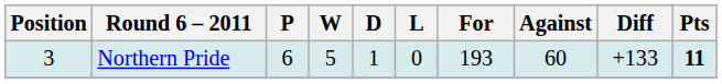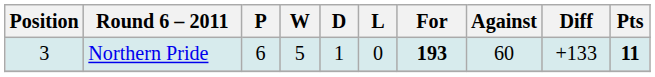 <table class="wikitable" style="text-align:center; font-size:85%;">
 <tr>
 <th width=40 abbr="Position">Position</th>
 <th width=100>Round 6 – 2011</th>
 <th width=20 abbr="Played">P</th>
 <th width=20 abbr="Won">W</th>
 <th width=20 abbr="Drawn">D</th>
 <th width=20 abbr="Lost">L</th>
 <th width=40 abbr="Points for">For</th>
 <th width=40 abbr="Points against">Against</th>
 <th width=40 abbr="Points difference">Diff</th>
 <th width=20 abbr="Points">Pts</th>
 </tr>
 <tr style="background: #d7ebed;">
 <td>3</td>
 <td style="text-align:left;"> <a href='#'>Northern Pride</a></td>
 <td>6</td>
 <td>5</td>
 <td>1</td>
 <td>0</td>
-<td>193</td>
+<td><strong>193</strong></td>
 <td>60</td>
 <td>+133</td>
 <td><strong>11</strong></td>
 </tr>
 <tr>
 </tr>
 </table>
